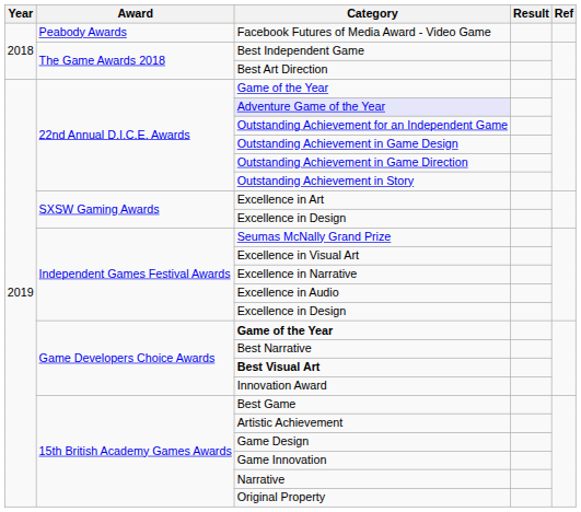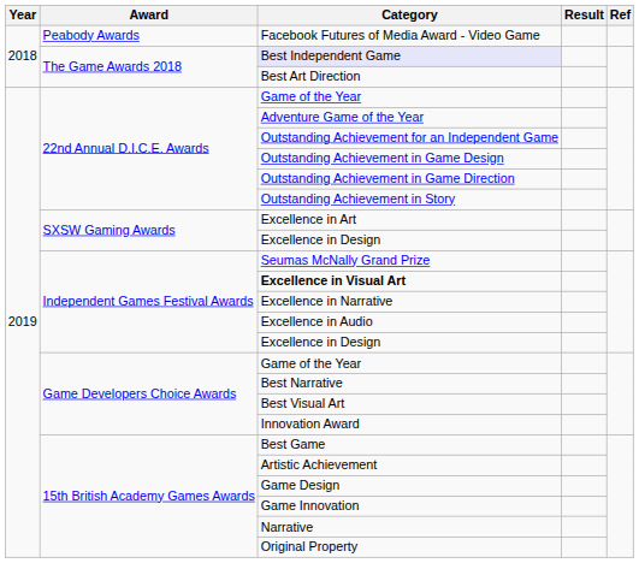 <table class="wikitable sortable">
 <tr>
 <th>Year</th>
 <th>Award</th>
 <th>Category</th>
 <th>Result</th>
 <th>Ref</th>
 </tr>
 <tr>
 <td rowspan="3" style="text-align:center;">2018</td>
 <td rowspan="1"><a href='#'>Peabody Awards</a></td>
 <td>Facebook Futures of Media Award - Video Game</td>
 <td></td>
 </tr>
 <tr>
 <td rowspan="2"><a href='#'>The Game Awards 2018</a></td>
-<td>Best Independent Game</td>
+<td style="background: lavender;">Best Independent Game</td>
 <td></td>
 <td rowspan="2" style="text-align:center;"></td>
 </tr>
 <tr>
 <td>Best Art Direction</td>
 <td></td>
 </tr>
 <tr>
 <td rowspan="23">2019</td>
 <td rowspan="6"><a href='#'>22nd Annual D.I.C.E. Awards</a></td>
 <td><a href='#'>Game of the Year</a></td>
 <td></td>
 <td rowspan="6" style="text-align:center;"></td>
 </tr>
 <tr>
-<td style="background: lavender;"><a href='#'>Adventure Game of the Year</a></td>
+<td><a href='#'>Adventure Game of the Year</a></td>
 <td></td>
 </tr>
 <tr>
 <td><a href='#'>Outstanding Achievement for an Independent Game</a></td>
 <td></td>
 </tr>
 <tr>
 <td><a href='#'>Outstanding Achievement in Game Design</a></td>
 <td></td>
 </tr>
 <tr>
 <td><a href='#'>Outstanding Achievement in Game Direction</a></td>
 <td></td>
 </tr>
 <tr>
 <td><a href='#'>Outstanding Achievement in Story</a></td>
 <td></td>
 </tr>
 <tr>
 <td rowspan="2"><a href='#'>SXSW Gaming Awards</a></td>
 <td>Excellence in Art</td>
 <td></td>
 <td rowspan="2" style="text-align:center;"></td>
 </tr>
 <tr>
 <td>Excellence in Design</td>
 <td></td>
 </tr>
 <tr>
 <td rowspan="5"><a href='#'>Independent Games Festival Awards</a></td>
 <td><a href='#'>Seumas McNally Grand Prize</a></td>
 <td></td>
 <td rowspan="5" style="text-align:center;"></td>
 </tr>
 <tr>
-<td>Excellence in Visual Art</td>
+<td><strong>Excellence in Visual Art</strong></td>
 <td></td>
 </tr>
 <tr>
 <td>Excellence in Narrative</td>
 <td></td>
 </tr>
 <tr>
 <td>Excellence in Audio</td>
 <td></td>
 </tr>
 <tr>
 <td>Excellence in Design</td>
 <td></td>
 </tr>
 <tr>
 <td rowspan="4"><a href='#'>Game Developers Choice Awards</a></td>
-<td><strong>Game of the Year</strong></td>
+<td>Game of the Year</td>
 <td></td>
 <td rowspan="4" style="text-align:center;"></td>
 </tr>
 <tr>
 <td>Best Narrative</td>
 <td></td>
 </tr>
 <tr>
-<td><strong>Best Visual Art</strong></td>
+<td>Best Visual Art</td>
 <td></td>
 </tr>
 <tr>
 <td>Innovation Award</td>
 <td></td>
 </tr>
 <tr>
 <td rowspan="6"><a href='#'>15th British Academy Games Awards</a></td>
 <td>Best Game</td>
 <td></td>
 <td rowspan="6" style="text-align:center"></td>
 </tr>
 <tr>
 <td>Artistic Achievement</td>
 <td></td>
 </tr>
 <tr>
 <td>Game Design</td>
 <td></td>
 </tr>
 <tr>
 <td>Game Innovation</td>
 <td></td>
 </tr>
 <tr>
 <td>Narrative</td>
 <td></td>
 </tr>
 <tr>
 <td>Original Property</td>
 <td></td>
 </tr>
 </table>
